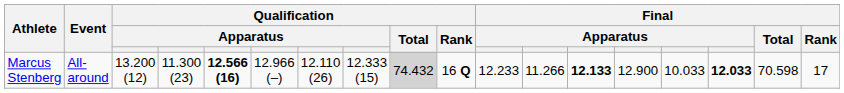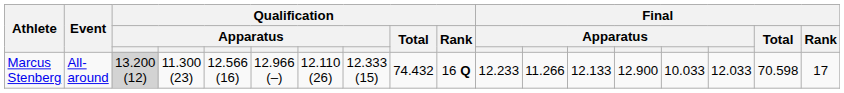 <table class="wikitable" style="font-size:90%">
 <tr>
 <th rowspan=3>Athlete</th>
 <th rowspan=3>Event</th>
 <th colspan=8>Qualification</th>
 <th colspan=8>Final</th>
 </tr>
 <tr>
 <th colspan=6>Apparatus</th>
 <th rowspan=2>Total</th>
 <th rowspan=2>Rank</th>
 <th colspan=6>Apparatus</th>
 <th rowspan=2>Total</th>
 <th rowspan=2>Rank</th>
 </tr>
 <tr style="font-size:95%">
 <th></th>
 <th></th>
 <th></th>
 <th></th>
 <th></th>
 <th></th>
 <th></th>
 <th></th>
 <th></th>
 <th></th>
 <th></th>
 <th></th>
 </tr>
 <tr align=center>
 <td align=left><a href='#'>Marcus Stenberg</a></td>
 <td align=left><a href='#'>All-around</a></td>
-<td>13.200<br>(12)</td>
+<td style="background: lightgrey;">13.200<br>(12)</td>
 <td>11.300<br>(23)</td>
-<td><strong>12.566<br>(16)</strong></td>
+<td>12.566<br>(16)</td>
 <td>12.966<br>(–)</td>
 <td>12.110<br>(26)</td>
 <td>12.333<br>(15)</td>
-<td style="background: lightgrey;">74.432</td>
+<td>74.432</td>
 <td>16 <strong>Q</strong></td>
 <td>12.233</td>
 <td>11.266</td>
-<td><strong>12.133</strong></td>
+<td>12.133</td>
 <td>12.900</td>
 <td>10.033</td>
-<td><strong>12.033</strong></td>
+<td>12.033</td>
 <td>70.598</td>
 <td>17</td>
 </tr>
 </table>
